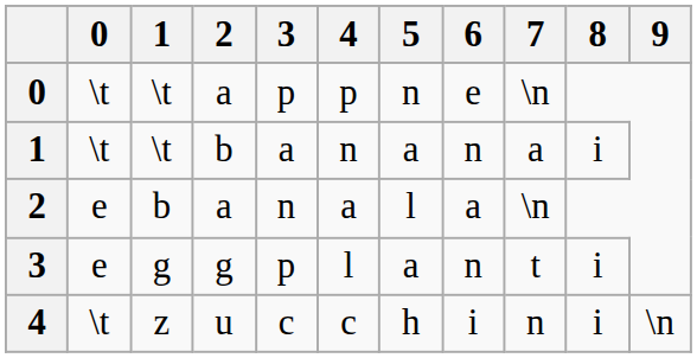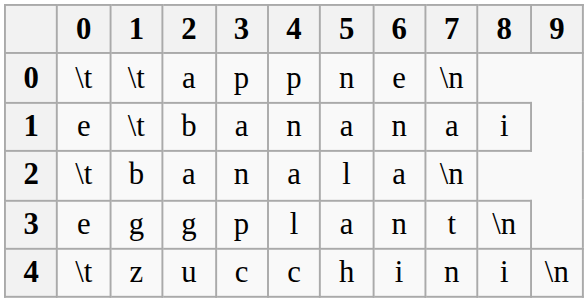 <table class="wikitable" style="text-align:center">
 <tr>
 <th style="min-width:20px"></th>
 <th style="min-width:20px">0</th>
 <th style="min-width:20px">1</th>
 <th style="min-width:20px">2</th>
 <th style="min-width:20px">3</th>
 <th style="min-width:20px">4</th>
 <th style="min-width:20px">5</th>
 <th style="min-width:20px">6</th>
 <th style="min-width:20px">7</th>
 <th style="min-width:20px">8</th>
 <th style="min-width:20px">9</th>
 </tr>
 <tr>
 <th>0</th>
 <td>\t</td>
 <td>\t</td>
 <td>a</td>
 <td>p</td>
 <td>p</td>
 <td>n</td>
 <td>e</td>
 <td>\n</td>
 </tr>
 <tr>
 <th>1</th>
-<td>\t</td>
+<td>e</td>
 <td>\t</td>
 <td>b</td>
 <td>a</td>
 <td>n</td>
 <td>a</td>
 <td>n</td>
 <td>a</td>
 <td>i</td>
 </tr>
 <tr>
 <th>2</th>
-<td>e</td>
+<td>\t</td>
 <td>b</td>
 <td>a</td>
 <td>n</td>
 <td>a</td>
 <td>l</td>
 <td>a</td>
 <td>\n</td>
 </tr>
 <tr>
 <th>3</th>
 <td>e</td>
 <td>g</td>
 <td>g</td>
 <td>p</td>
 <td>l</td>
 <td>a</td>
 <td>n</td>
 <td>t</td>
-<td>i</td>
+<td>\n</td>
 </tr>
 <tr>
 <th>4</th>
 <td>\t</td>
 <td>z</td>
 <td>u</td>
 <td>c</td>
 <td>c</td>
 <td>h</td>
 <td>i</td>
 <td>n</td>
 <td>i</td>
 <td>\n</td>
 </tr>
 </table>
